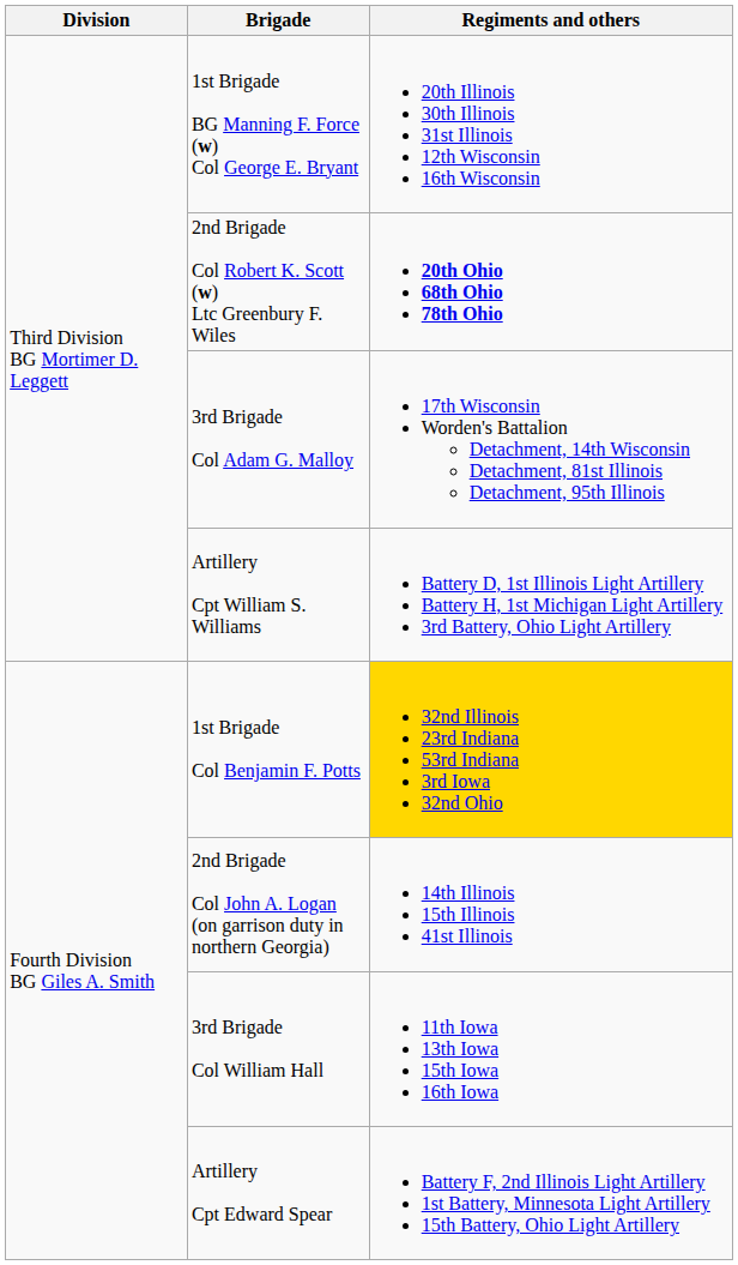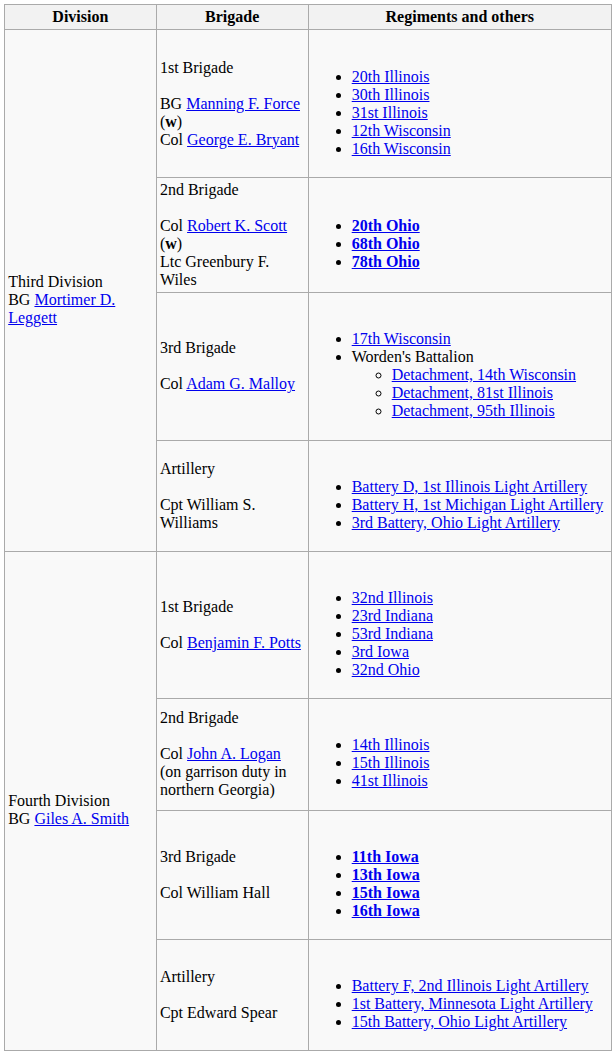 <table class="wikitable">
 <tr>
 <th width=25%>Division</th>
 <th width=25%>Brigade</th>
 <th>Regiments and others</th>
 </tr>
 <tr>
 <td rowspan=4><br>Third Division <br> BG <a href='#'>Mortimer D. Leggett</a></td>
 <td>1st Brigade<br><br> BG <a href='#'>Manning F. Force</a> (<strong>w</strong>)<br> Col <a href='#'>George E. Bryant</a></td>
 <td><br><ul><li><a href='#'>20th Illinois</a></li><li><a href='#'>30th Illinois</a></li><li><a href='#'>31st Illinois</a></li><li><a href='#'>12th Wisconsin</a></li><li><a href='#'>16th Wisconsin</a></li></ul></td>
 </tr>
 <tr>
 <td>2nd Brigade<br><br> Col <a href='#'>Robert K. Scott</a> (<strong>w</strong>)<br> Ltc Greenbury F. Wiles</td>
 <td><strong><br><ul><li><a href='#'>20th Ohio</a></li><li><a href='#'>68th Ohio</a></li><li><a href='#'>78th Ohio</a></li></ul></strong></td>
 </tr>
 <tr>
 <td>3rd Brigade<br><br> Col <a href='#'>Adam G. Malloy</a></td>
 <td><br><ul><li><a href='#'>17th Wisconsin</a></li><li>Worden's Battalion<ul><li><a href='#'>Detachment, 14th Wisconsin</a></li><li><a href='#'>Detachment, 81st Illinois</a></li><li><a href='#'>Detachment, 95th Illinois</a></li></ul></li></ul></td>
 </tr>
 <tr>
 <td>Artillery<br><br> Cpt William S. Williams</td>
 <td><br><ul><li><a href='#'>Battery D, 1st Illinois Light Artillery</a></li><li><a href='#'>Battery H, 1st Michigan Light Artillery</a></li><li><a href='#'>3rd Battery, Ohio Light Artillery</a></li></ul></td>
 </tr>
 <tr>
 <td rowspan= 4><br>Fourth Division <br> BG <a href='#'>Giles A. Smith</a></td>
 <td>1st Brigade<br><br> Col <a href='#'>Benjamin F. Potts</a></td>
-<td style="background: gold;"><br><ul><li><a href='#'>32nd Illinois</a></li><li><a href='#'>23rd Indiana</a></li><li><a href='#'>53rd Indiana</a></li><li><a href='#'>3rd Iowa</a></li><li><a href='#'>32nd Ohio</a></li></ul></td>
+<td><br><ul><li><a href='#'>32nd Illinois</a></li><li><a href='#'>23rd Indiana</a></li><li><a href='#'>53rd Indiana</a></li><li><a href='#'>3rd Iowa</a></li><li><a href='#'>32nd Ohio</a></li></ul></td>
 </tr>
 <tr>
 <td>2nd Brigade<br><br> Col <a href='#'>John A. Logan</a><br>(on garrison duty in northern Georgia)</td>
 <td><br><ul><li><a href='#'>14th Illinois</a></li><li><a href='#'>15th Illinois</a></li><li><a href='#'>41st Illinois</a></li></ul></td>
 </tr>
 <tr>
 <td>3rd Brigade<br><br> Col William Hall</td>
-<td><br><ul><li><a href='#'>11th Iowa</a></li><li><a href='#'>13th Iowa</a></li><li><a href='#'>15th Iowa</a></li><li><a href='#'>16th Iowa</a></li></ul></td>
+<td><strong><br><ul><li><a href='#'>11th Iowa</a></li><li><a href='#'>13th Iowa</a></li><li><a href='#'>15th Iowa</a></li><li><a href='#'>16th Iowa</a></li></ul></strong></td>
 </tr>
 <tr>
 <td>Artillery<br><br> Cpt Edward Spear</td>
 <td><br><ul><li><a href='#'>Battery F, 2nd Illinois Light Artillery</a></li><li><a href='#'>1st Battery, Minnesota Light Artillery</a></li><li><a href='#'>15th Battery, Ohio Light Artillery</a></li></ul></td>
 </tr>
 </table>
